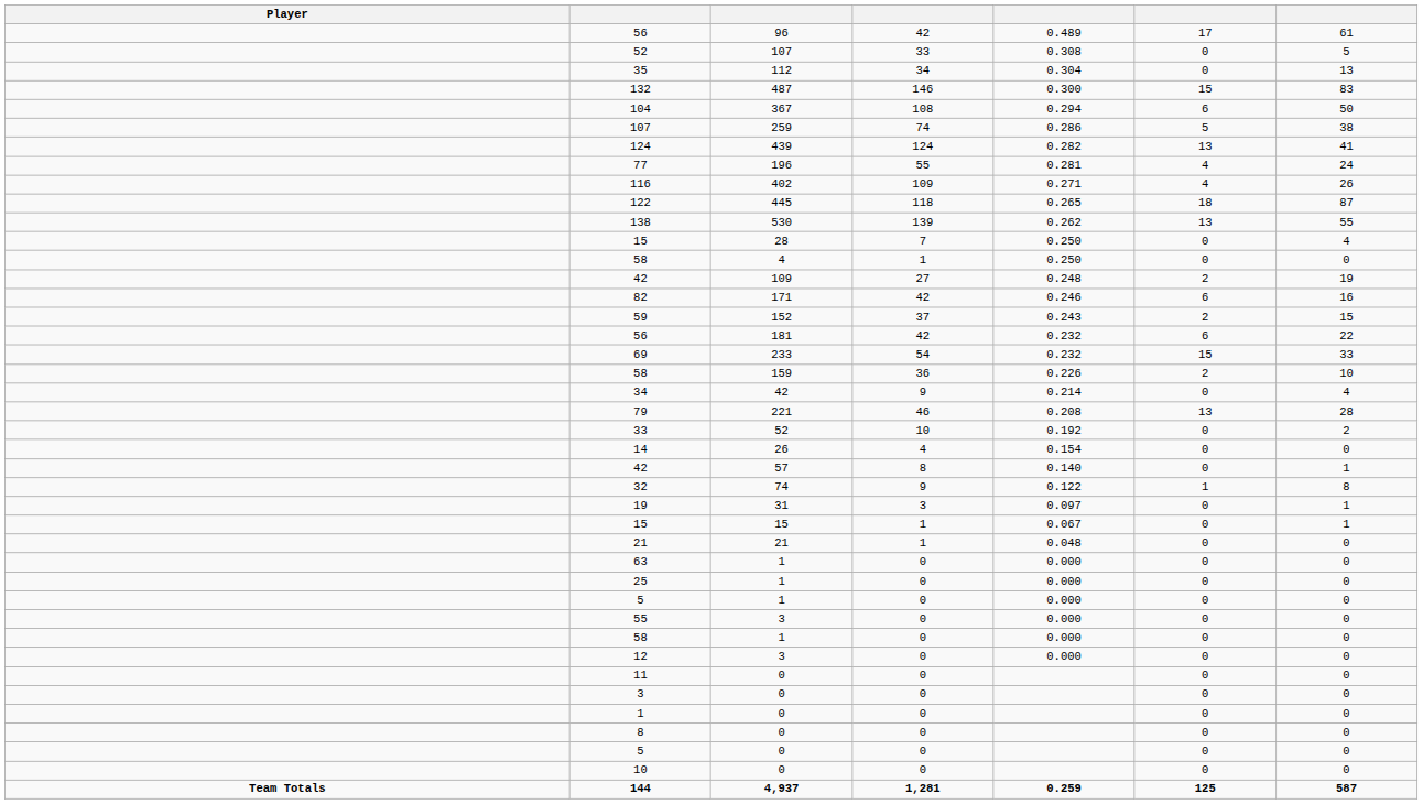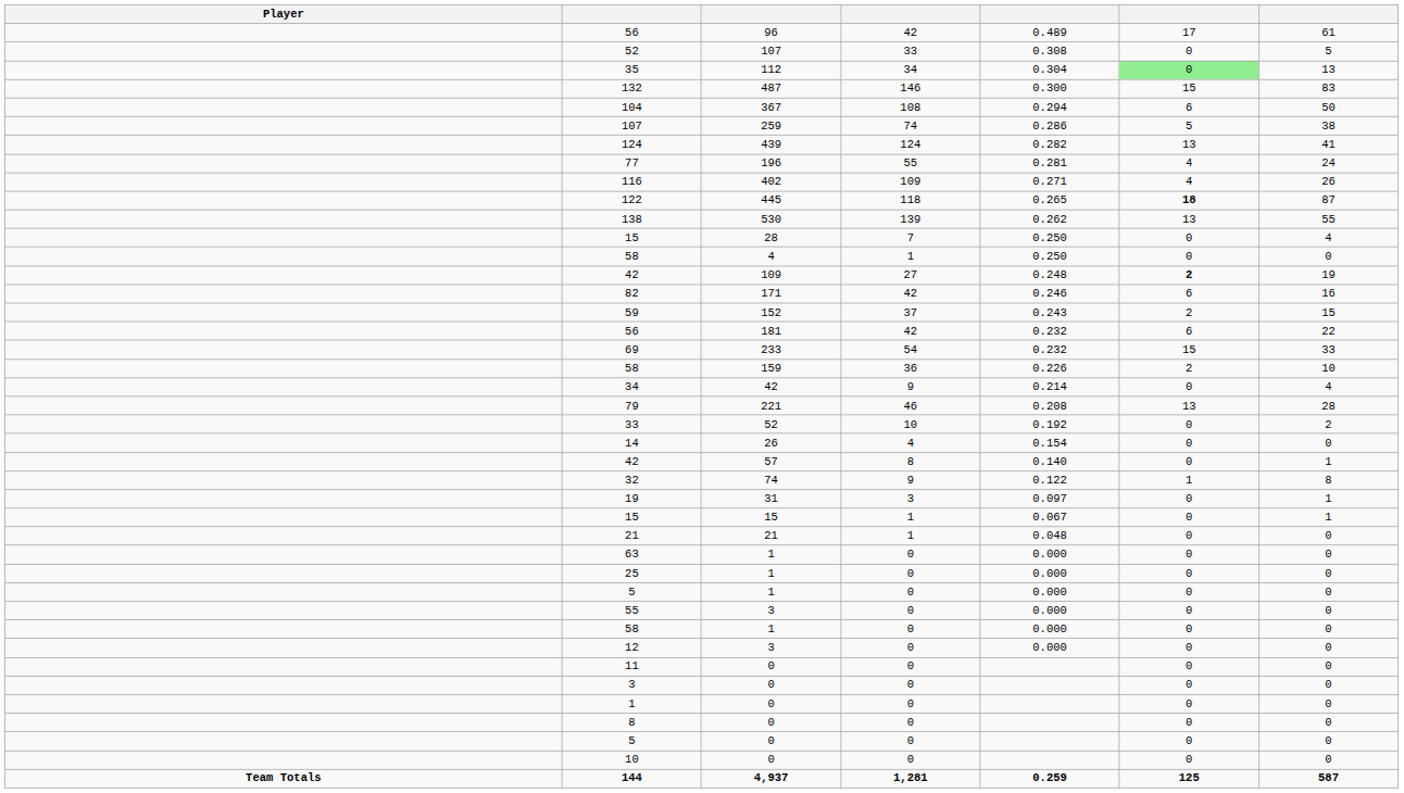 <table class="wikitable sortable" style="text-align:center;" width="100%">
 <tr>
 <th width="40%">Player</th>
 <th width="10%"></th>
 <th width="10%"></th>
 <th width="10%"></th>
 <th width="10%"></th>
 <th width="10%"></th>
 <th width="10%"></th>
 </tr>
 <tr>
 <td></td>
 <td>56</td>
 <td>96</td>
 <td>42</td>
 <td>0.489</td>
 <td>17</td>
 <td>61</td>
 </tr>
 <tr>
 <td></td>
 <td>52</td>
 <td>107</td>
 <td>33</td>
 <td>0.308</td>
 <td>0</td>
 <td>5</td>
 </tr>
 <tr>
 <td></td>
 <td>35</td>
 <td>112</td>
 <td>34</td>
 <td>0.304</td>
-<td>0</td>
+<td style="background: lightgreen;">0</td>
 <td>13</td>
 </tr>
 <tr>
 <td></td>
 <td>132</td>
 <td>487</td>
 <td>146</td>
 <td>0.300</td>
 <td>15</td>
 <td>83</td>
 </tr>
 <tr>
 <td></td>
 <td>104</td>
 <td>367</td>
 <td>108</td>
 <td>0.294</td>
 <td>6</td>
 <td>50</td>
 </tr>
 <tr>
 <td></td>
 <td>107</td>
 <td>259</td>
 <td>74</td>
 <td>0.286</td>
 <td>5</td>
 <td>38</td>
 </tr>
 <tr>
 <td></td>
 <td>124</td>
 <td>439</td>
 <td>124</td>
 <td>0.282</td>
 <td>13</td>
 <td>41</td>
 </tr>
 <tr>
 <td></td>
 <td>77</td>
 <td>196</td>
 <td>55</td>
 <td>0.281</td>
 <td>4</td>
 <td>24</td>
 </tr>
 <tr>
 <td></td>
 <td>116</td>
 <td>402</td>
 <td>109</td>
 <td>0.271</td>
 <td>4</td>
 <td>26</td>
 </tr>
 <tr>
 <td></td>
 <td>122</td>
 <td>445</td>
 <td>118</td>
 <td>0.265</td>
-<td>18</td>
+<td><strong>18</strong></td>
 <td>87</td>
 </tr>
 <tr>
 <td></td>
 <td>138</td>
 <td>530</td>
 <td>139</td>
 <td>0.262</td>
 <td>13</td>
 <td>55</td>
 </tr>
 <tr>
 <td></td>
 <td>15</td>
 <td>28</td>
 <td>7</td>
 <td>0.250</td>
 <td>0</td>
 <td>4</td>
 </tr>
 <tr>
 <td></td>
 <td>58</td>
 <td>4</td>
 <td>1</td>
 <td>0.250</td>
 <td>0</td>
 <td>0</td>
 </tr>
 <tr>
 <td></td>
 <td>42</td>
 <td>109</td>
 <td>27</td>
 <td>0.248</td>
-<td>2</td>
+<td><strong>2</strong></td>
 <td>19</td>
 </tr>
 <tr>
 <td></td>
 <td>82</td>
 <td>171</td>
 <td>42</td>
 <td>0.246</td>
 <td>6</td>
 <td>16</td>
 </tr>
 <tr>
 <td></td>
 <td>59</td>
 <td>152</td>
 <td>37</td>
 <td>0.243</td>
 <td>2</td>
 <td>15</td>
 </tr>
 <tr>
 <td></td>
 <td>56</td>
 <td>181</td>
 <td>42</td>
 <td>0.232</td>
 <td>6</td>
 <td>22</td>
 </tr>
 <tr>
 <td></td>
 <td>69</td>
 <td>233</td>
 <td>54</td>
 <td>0.232</td>
 <td>15</td>
 <td>33</td>
 </tr>
 <tr>
 <td></td>
 <td>58</td>
 <td>159</td>
 <td>36</td>
 <td>0.226</td>
 <td>2</td>
 <td>10</td>
 </tr>
 <tr>
 <td></td>
 <td>34</td>
 <td>42</td>
 <td>9</td>
 <td>0.214</td>
 <td>0</td>
 <td>4</td>
 </tr>
 <tr>
 <td></td>
 <td>79</td>
 <td>221</td>
 <td>46</td>
 <td>0.208</td>
 <td>13</td>
 <td>28</td>
 </tr>
 <tr>
 <td></td>
 <td>33</td>
 <td>52</td>
 <td>10</td>
 <td>0.192</td>
 <td>0</td>
 <td>2</td>
 </tr>
 <tr>
 <td></td>
 <td>14</td>
 <td>26</td>
 <td>4</td>
 <td>0.154</td>
 <td>0</td>
 <td>0</td>
 </tr>
 <tr>
 <td></td>
 <td>42</td>
 <td>57</td>
 <td>8</td>
 <td>0.140</td>
 <td>0</td>
 <td>1</td>
 </tr>
 <tr>
 <td></td>
 <td>32</td>
 <td>74</td>
 <td>9</td>
 <td>0.122</td>
 <td>1</td>
 <td>8</td>
 </tr>
 <tr>
 <td></td>
 <td>19</td>
 <td>31</td>
 <td>3</td>
 <td>0.097</td>
 <td>0</td>
 <td>1</td>
 </tr>
 <tr>
 <td></td>
 <td>15</td>
 <td>15</td>
 <td>1</td>
 <td>0.067</td>
 <td>0</td>
 <td>1</td>
 </tr>
 <tr>
 <td></td>
 <td>21</td>
 <td>21</td>
 <td>1</td>
 <td>0.048</td>
 <td>0</td>
 <td>0</td>
 </tr>
 <tr>
 <td></td>
 <td>63</td>
 <td>1</td>
 <td>0</td>
 <td>0.000</td>
 <td>0</td>
 <td>0</td>
 </tr>
 <tr>
 <td></td>
 <td>25</td>
 <td>1</td>
 <td>0</td>
 <td>0.000</td>
 <td>0</td>
 <td>0</td>
 </tr>
 <tr>
 <td></td>
 <td>5</td>
 <td>1</td>
 <td>0</td>
 <td>0.000</td>
 <td>0</td>
 <td>0</td>
 </tr>
 <tr>
 <td></td>
 <td>55</td>
 <td>3</td>
 <td>0</td>
 <td>0.000</td>
 <td>0</td>
 <td>0</td>
 </tr>
 <tr>
 <td></td>
 <td>58</td>
 <td>1</td>
 <td>0</td>
 <td>0.000</td>
 <td>0</td>
 <td>0</td>
 </tr>
 <tr>
 <td></td>
 <td>12</td>
 <td>3</td>
 <td>0</td>
 <td>0.000</td>
 <td>0</td>
 <td>0</td>
 </tr>
 <tr>
 <td></td>
 <td>11</td>
 <td>0</td>
 <td>0</td>
 <td></td>
 <td>0</td>
 <td>0</td>
 </tr>
 <tr>
 <td></td>
 <td>3</td>
 <td>0</td>
 <td>0</td>
 <td></td>
 <td>0</td>
 <td>0</td>
 </tr>
 <tr>
 <td></td>
 <td>1</td>
 <td>0</td>
 <td>0</td>
 <td></td>
 <td>0</td>
 <td>0</td>
 </tr>
 <tr>
 <td></td>
 <td>8</td>
 <td>0</td>
 <td>0</td>
 <td></td>
 <td>0</td>
 <td>0</td>
 </tr>
 <tr>
 <td></td>
 <td>5</td>
 <td>0</td>
 <td>0</td>
 <td></td>
 <td>0</td>
 <td>0</td>
 </tr>
 <tr>
 <td></td>
 <td>10</td>
 <td>0</td>
 <td>0</td>
 <td></td>
 <td>0</td>
 <td>0</td>
 </tr>
 <tr>
 <td><strong>Team Totals</strong></td>
 <td><strong>144</strong></td>
 <td><strong>4,937</strong></td>
 <td><strong>1,281</strong></td>
 <td><strong>0.259</strong></td>
 <td><strong>125</strong></td>
 <td><strong>587</strong></td>
 </tr>
 </table>
